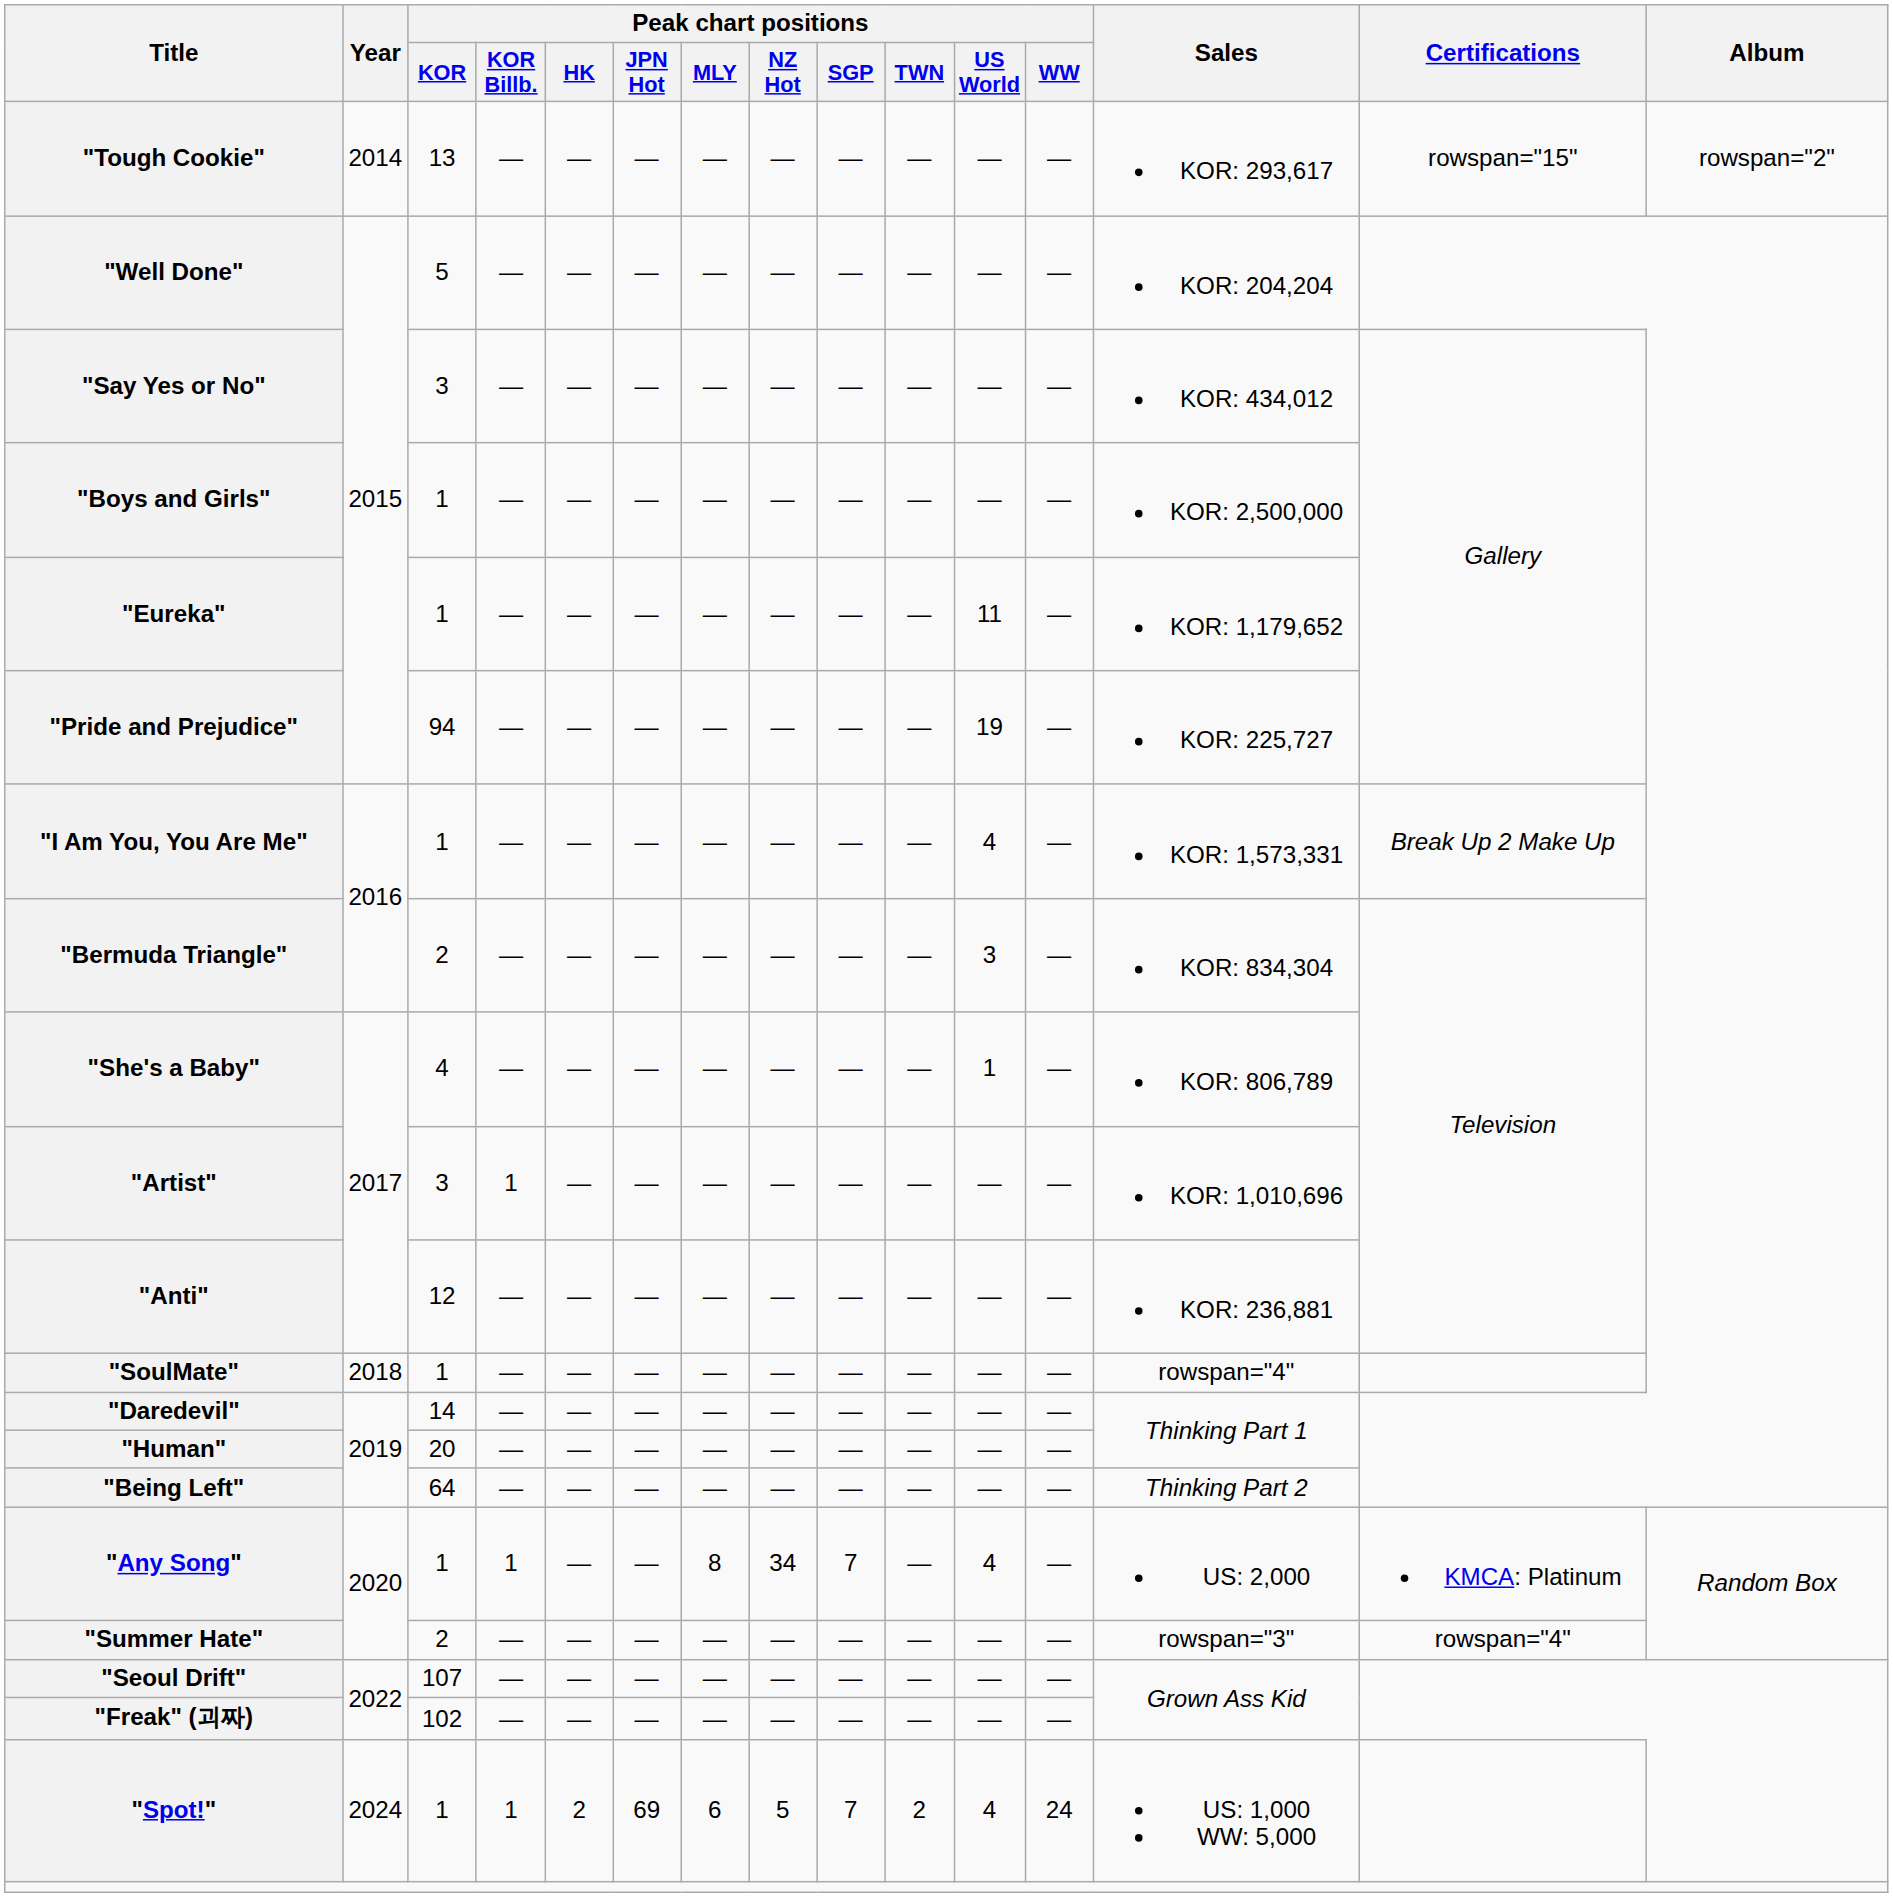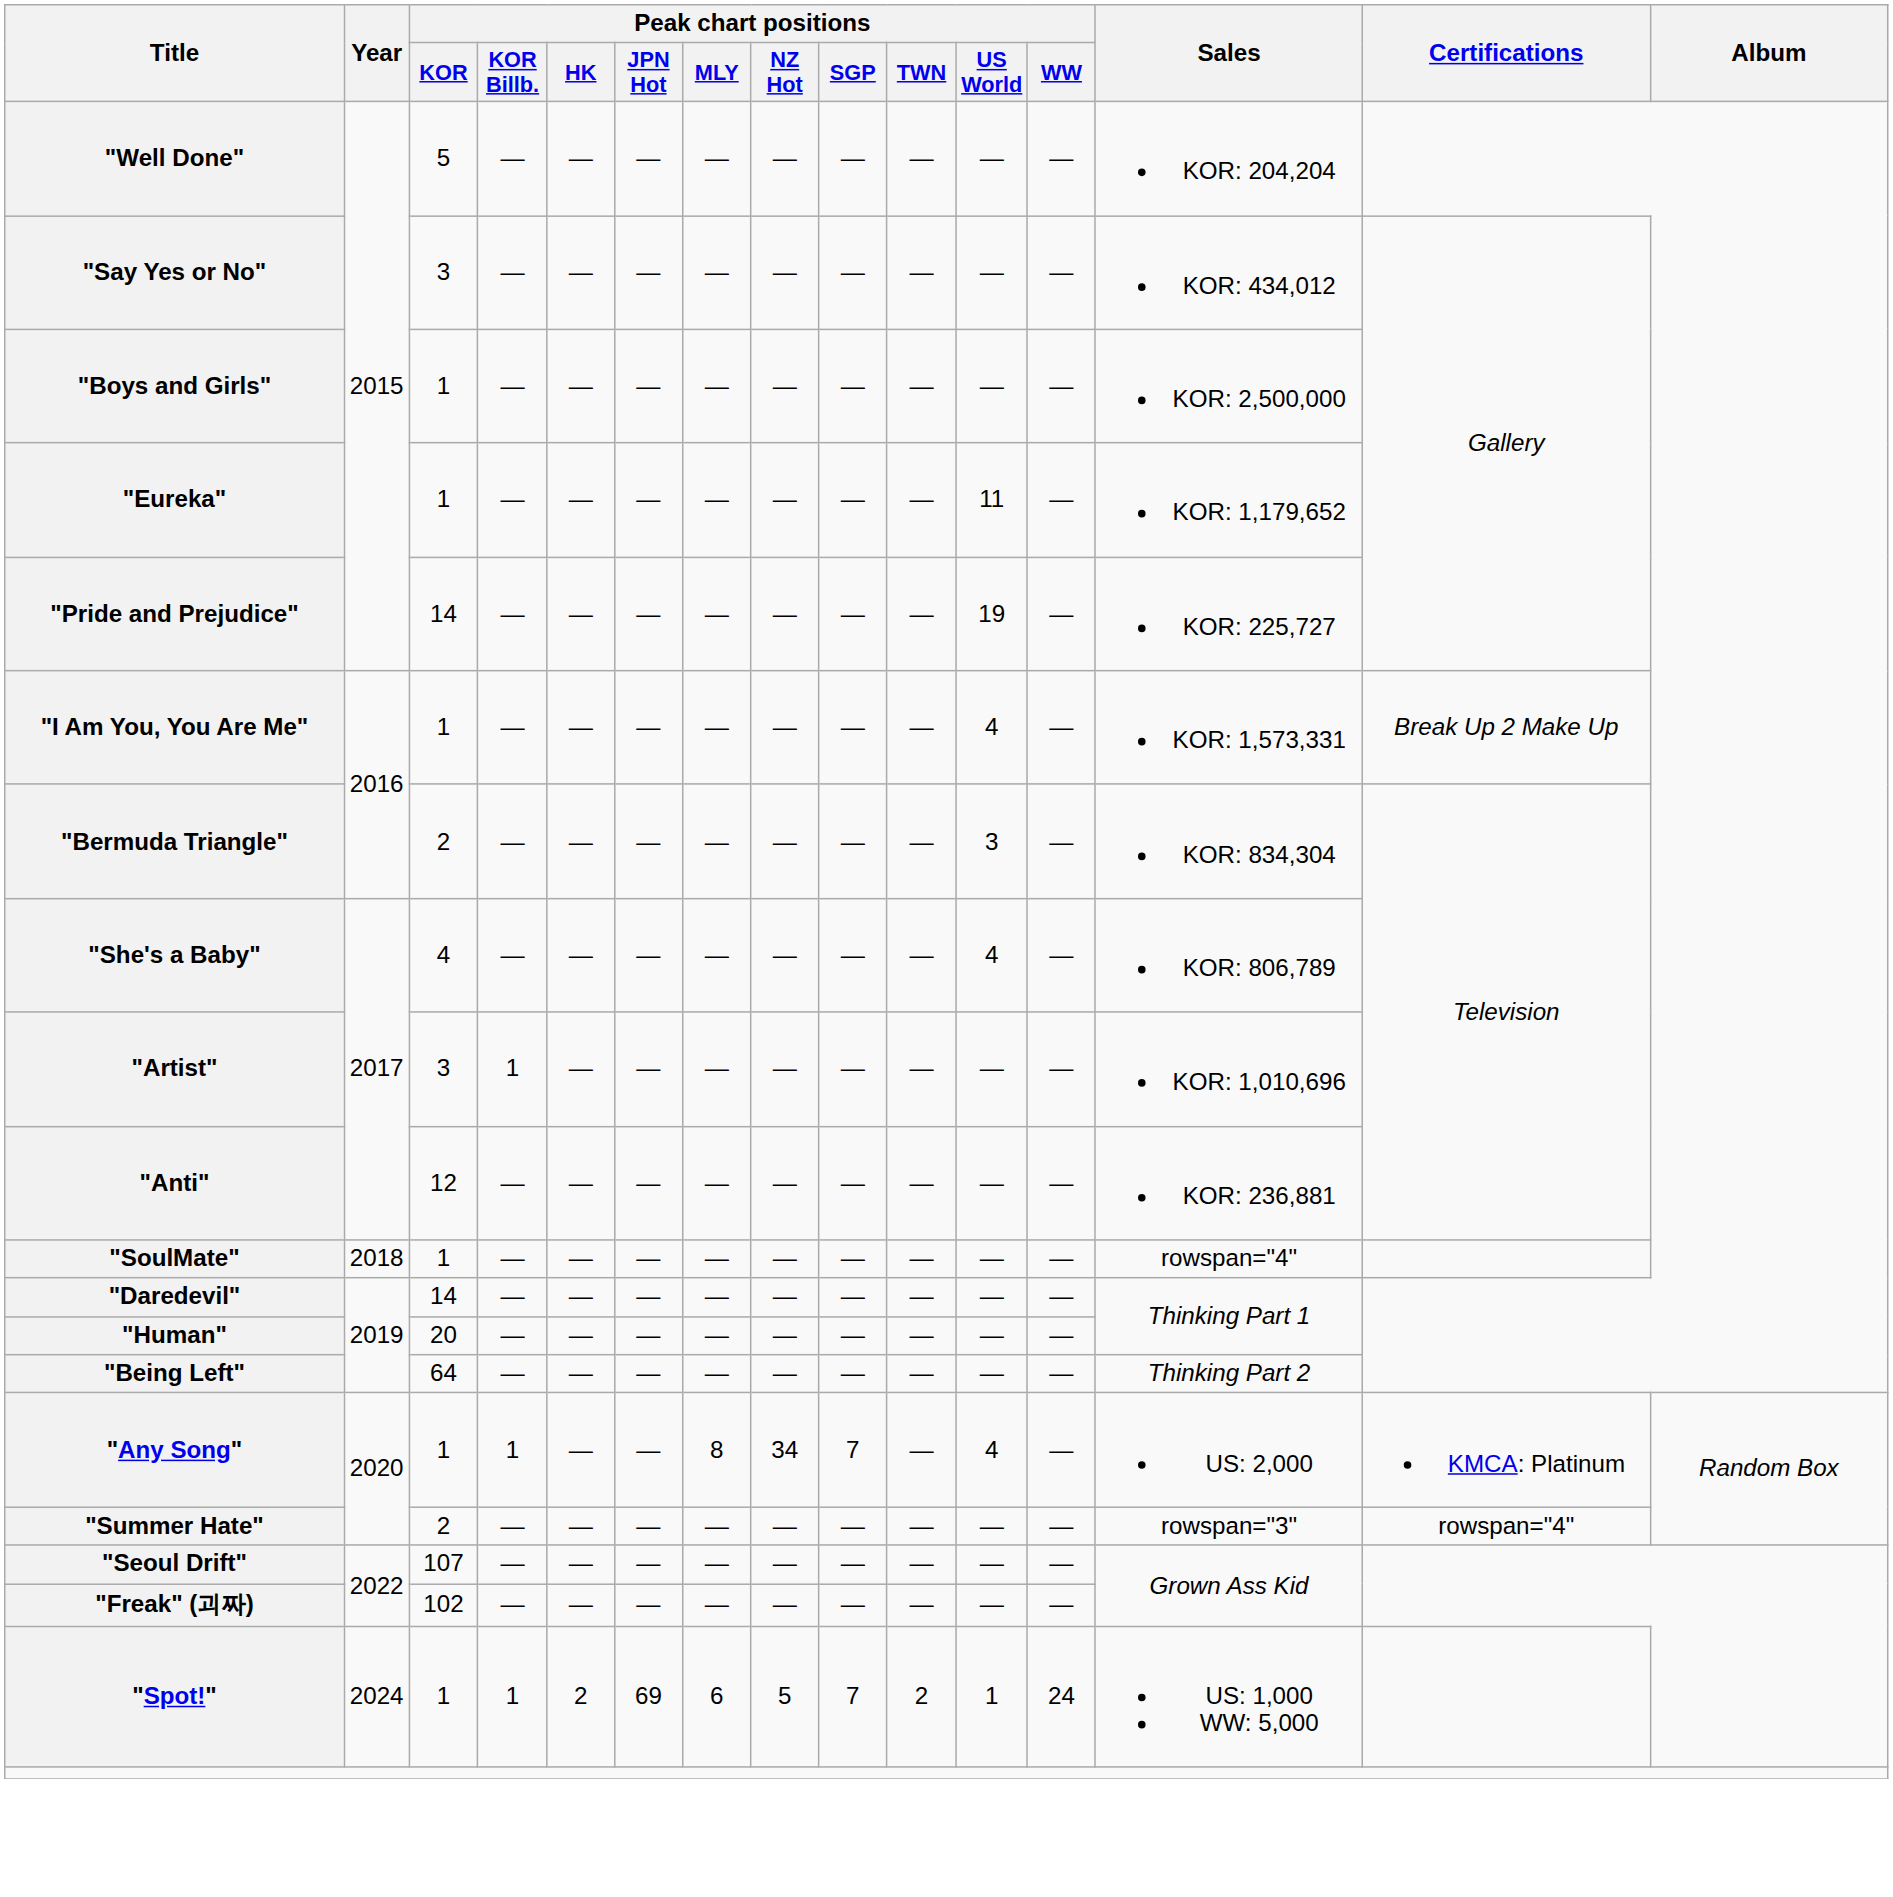 <table class="wikitable plainrowheaders" style="text-align:center;">
 <tr>
 <th scope="col" rowspan="2" style="width:14.5em;">Title</th>
 <th scope="col" rowspan="2" style="width:2em;">Year</th>
 <th scope="col" colspan="10">Peak chart positions</th>
 <th scope="col" rowspan="2" style="width:11em;">Sales</th>
 <th scope="col" rowspan="2" style="width:12em;"><a href='#'>Certifications</a></th>
 <th scope="col" rowspan="2" style="width:10em;">Album</th>
 </tr>
 <tr>
 <th scope="col" style="width:2.75em;font-size:90%;"><a href='#'>KOR</a><br></th>
 <th scope="col" style="width:2.75em;font-size:90%;"><a href='#'>KOR<br>Billb.</a><br></th>
 <th scope="col" style="width:2.75em;font-size:90%;"><a href='#'>HK</a><br></th>
 <th scope="col" style="width:2.75em;font-size:90%;"><a href='#'>JPN<br>Hot</a><br></th>
 <th scope="col" style="width:2.75em;font-size:90%"><a href='#'>MLY</a><br></th>
 <th scope="col" style="width:2.75em;font-size:90%;"><a href='#'>NZ<br>Hot</a><br></th>
 <th scope="col" style="width:2.75em;font-size:90%;"><a href='#'>SGP</a><br></th>
 <th scope="col" style="width:2.75em;font-size:90%;"><a href='#'>TWN</a><br></th>
 <th scope="col" style="width:2.75em;font-size:90%;"><a href='#'>US<br>World</a><br></th>
 <th scope="col" style="width:2.75em;font-size:90%;"><a href='#'>WW</a><br></th>
-</tr>
-<tr>
-<th scope="row">"Tough Cookie" <br></th>
-<td>2014</td>
-<td>13</td>
-<td>—</td>
-<td>—</td>
-<td>—</td>
-<td>—</td>
-<td>—</td>
-<td>—</td>
-<td>—</td>
-<td>—</td>
-<td>—</td>
-<td><br><ul><li>KOR: 293,617</li></ul></td>
-<td>rowspan="15"</td>
-<td>rowspan="2" </td>
 </tr>
 <tr>
 <th scope="row">"Well Done" <br></th>
 <td rowspan="5">2015</td>
 <td>5</td>
 <td>—</td>
 <td>—</td>
 <td>—</td>
 <td>—</td>
 <td>—</td>
 <td>—</td>
 <td>—</td>
 <td>—</td>
 <td>—</td>
 <td><br><ul><li>KOR: 204,204</li></ul></td>
 </tr>
 <tr>
 <th scope="row">"Say Yes or No" <br></th>
 <td>3</td>
 <td>—</td>
 <td>—</td>
 <td>—</td>
 <td>—</td>
 <td>—</td>
 <td>—</td>
 <td>—</td>
 <td>—</td>
 <td>—</td>
 <td><br><ul><li>KOR: 434,012</li></ul></td>
 <td rowspan="4"><em>Gallery</em></td>
 </tr>
 <tr>
 <th scope="row">"Boys and Girls" <br></th>
 <td>1</td>
 <td>—</td>
 <td>—</td>
 <td>—</td>
 <td>—</td>
 <td>—</td>
 <td>—</td>
 <td>—</td>
 <td>—</td>
 <td>—</td>
 <td><br><ul><li>KOR: 2,500,000</li></ul></td>
 </tr>
 <tr>
 <th scope="row">"Eureka" <br></th>
 <td>1</td>
 <td>—</td>
 <td>—</td>
 <td>—</td>
 <td>—</td>
 <td>—</td>
 <td>—</td>
 <td>—</td>
 <td>11</td>
 <td>—</td>
 <td><br><ul><li>KOR: 1,179,652</li></ul></td>
 </tr>
 <tr>
 <th scope="row">"Pride and Prejudice" <br></th>
-<td>94</td>
+<td>14</td>
 <td>—</td>
 <td>—</td>
 <td>—</td>
 <td>—</td>
 <td>—</td>
 <td>—</td>
 <td>—</td>
 <td>19</td>
 <td>—</td>
 <td><br><ul><li>KOR: 225,727</li></ul></td>
 </tr>
 <tr>
 <th scope="row">"I Am You, You Are Me"</th>
 <td rowspan="2">2016</td>
 <td>1</td>
 <td>—</td>
 <td>—</td>
 <td>—</td>
 <td>—</td>
 <td>—</td>
 <td>—</td>
 <td>—</td>
 <td>4</td>
 <td>—</td>
 <td><br><ul><li>KOR: 1,573,331</li></ul></td>
 <td rowspan="1"><em>Break Up 2 Make Up</em></td>
 </tr>
 <tr>
 <th scope="row">"Bermuda Triangle" <br></th>
 <td>2</td>
 <td>—</td>
 <td>—</td>
 <td>—</td>
 <td>—</td>
 <td>—</td>
 <td>—</td>
 <td>—</td>
 <td>3</td>
 <td>—</td>
 <td><br><ul><li>KOR: 834,304</li></ul></td>
 <td rowspan="4"><em>Television</em></td>
 </tr>
 <tr>
 <th scope="row">"She's a Baby"</th>
 <td rowspan="3">2017</td>
 <td>4</td>
 <td>—</td>
 <td>—</td>
 <td>—</td>
 <td>—</td>
 <td>—</td>
 <td>—</td>
 <td>—</td>
-<td>1</td>
+<td>4</td>
 <td>—</td>
 <td><br><ul><li>KOR: 806,789</li></ul></td>
 </tr>
 <tr>
 <th scope="row">"Artist"</th>
 <td>3</td>
 <td>1</td>
 <td>—</td>
 <td>—</td>
 <td>—</td>
 <td>—</td>
 <td>—</td>
 <td>—</td>
 <td>—</td>
 <td>—</td>
 <td><br><ul><li>KOR: 1,010,696</li></ul></td>
 </tr>
 <tr>
 <th scope="row">"Anti"</th>
 <td>12</td>
 <td>—</td>
 <td>—</td>
 <td>—</td>
 <td>—</td>
 <td>—</td>
 <td>—</td>
 <td>—</td>
 <td>—</td>
 <td>—</td>
 <td><br><ul><li>KOR: 236,881</li></ul></td>
 </tr>
 <tr>
 <th scope="row">"SoulMate" <br></th>
 <td>2018</td>
 <td>1</td>
 <td>—</td>
 <td>—</td>
 <td>—</td>
 <td>—</td>
 <td>—</td>
 <td>—</td>
 <td>—</td>
 <td>—</td>
 <td>—</td>
 <td>rowspan="4" </td>
 <td></td>
 </tr>
 <tr>
 <th scope="row">"Daredevil" <br></th>
 <td rowspan="3">2019</td>
 <td>14</td>
 <td>—</td>
 <td>—</td>
 <td>—</td>
 <td>—</td>
 <td>—</td>
 <td>—</td>
 <td>—</td>
 <td>—</td>
 <td>—</td>
 <td rowspan="2"><em>Thinking Part 1</em></td>
 </tr>
 <tr>
 <th scope="row">"Human"</th>
 <td>20</td>
 <td>—</td>
 <td>—</td>
 <td>—</td>
 <td>—</td>
 <td>—</td>
 <td>—</td>
 <td>—</td>
 <td>—</td>
 <td>—</td>
 </tr>
 <tr>
 <th scope="row">"Being Left"<br></th>
 <td>64</td>
 <td>—</td>
 <td>—</td>
 <td>—</td>
 <td>—</td>
 <td>—</td>
 <td>—</td>
 <td>—</td>
 <td>—</td>
 <td>—</td>
 <td><em>Thinking Part 2</em></td>
 </tr>
 <tr>
 <th scope="row">"<a href='#'>Any Song</a>"</th>
 <td rowspan="2">2020</td>
 <td>1</td>
 <td>1</td>
 <td>—</td>
 <td>—</td>
 <td>8</td>
 <td>34</td>
 <td>7</td>
 <td>—</td>
 <td>4</td>
 <td>—</td>
 <td><br><ul><li>US: 2,000</li></ul></td>
 <td><br><ul><li><a href='#'>KMCA</a>: Platinum</li></ul></td>
 <td rowspan="2"><em>Random Box</em></td>
 </tr>
 <tr>
 <th scope="row">"Summer Hate"<br></th>
 <td>2</td>
 <td>—</td>
 <td>—</td>
 <td>—</td>
 <td>—</td>
 <td>—</td>
 <td>—</td>
 <td>—</td>
 <td>—</td>
 <td>—</td>
 <td>rowspan="3" </td>
 <td>rowspan="4" </td>
 </tr>
 <tr>
 <th scope="row">"Seoul Drift"</th>
 <td rowspan="2">2022</td>
 <td>107</td>
 <td>—</td>
 <td>—</td>
 <td>—</td>
 <td>—</td>
 <td>—</td>
 <td>—</td>
 <td>—</td>
 <td>—</td>
 <td>—</td>
 <td rowspan="2"><em>Grown Ass Kid</em></td>
 </tr>
 <tr>
 <th scope="row">"Freak" (괴짜)</th>
 <td>102</td>
 <td>—</td>
 <td>—</td>
 <td>—</td>
 <td>—</td>
 <td>—</td>
 <td>—</td>
 <td>—</td>
 <td>—</td>
 <td>—</td>
 </tr>
 <tr>
 <th scope="row">"<a href='#'>Spot!</a>"<br></th>
 <td>2024</td>
 <td>1</td>
 <td>1</td>
 <td>2</td>
 <td>69</td>
 <td>6</td>
 <td>5</td>
 <td>7</td>
 <td>2</td>
-<td>4</td>
+<td>1</td>
 <td>24</td>
 <td><br><ul><li>US: 1,000</li><li>WW: 5,000</li></ul></td>
 <td></td>
 </tr>
 <tr>
 <td colspan="15"></td>
 </tr>
 </table>
